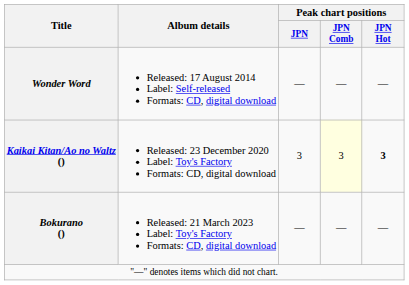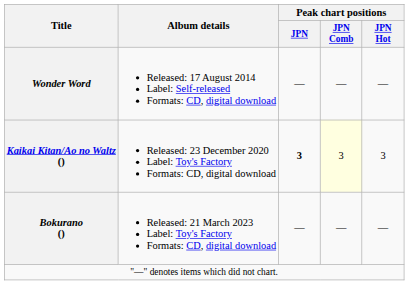 <table class="wikitable plainrowheaders">
 <tr>
 <th scope="col" rowspan="2">Title</th>
 <th scope="col" rowspan="2">Album details</th>
 <th scope="col" colspan="3">Peak chart positions</th>
 </tr>
 <tr>
 <th scope="col" style="width:4em;font-size:90%"><a href='#'>JPN</a><br></th>
 <th scope="col" style="width:4em;font-size:90%"><a href='#'>JPN<br>Comb</a><br></th>
 <th scope="col" style="width:4em;font-size:90%"><a href='#'>JPN<br>Hot</a><br></th>
 </tr>
 <tr>
 <th scope="row"><em>Wonder Word</em></th>
 <td><br><ul><li>Released: 17 August 2014</li><li>Label: <a href='#'>Self-released</a></li><li>Formats: <a href='#'>CD</a>, <a href='#'>digital download</a></li></ul></td>
 <td align="center">—</td>
 <td align="center">—</td>
 <td align="center">—</td>
 </tr>
 <tr>
 <th scope="row"><em><a href='#'>Kaikai Kitan/Ao no Waltz</a></em><br>()</th>
 <td><br><ul><li>Released: 23 December 2020</li><li>Label: <a href='#'>Toy's Factory</a></li><li>Formats: CD, digital download</li></ul></td>
+<td align="center"><strong>3</strong></td>
+<td align="center" style="background: lightyellow;">3</td>
 <td align="center">3</td>
-<td align="center" style="background: lightyellow;">3</td>
-<td align="center"><strong>3</strong></td>
 </tr>
 <tr>
 <th scope="row"><em>Bokurano</em> <br> ()</th>
 <td><br><ul><li>Released: 21 March 2023</li><li>Label: <a href='#'>Toy's Factory</a></li><li>Formats: <a href='#'>CD</a>, <a href='#'>digital download</a></li></ul></td>
 <td align="center">—</td>
 <td align="center">—</td>
 <td align="center">—</td>
 </tr>
 <tr>
 <td colspan="6" align="center" style="font-size:90%;">"—" denotes items which did not chart.</td>
 </tr>
 </table>
